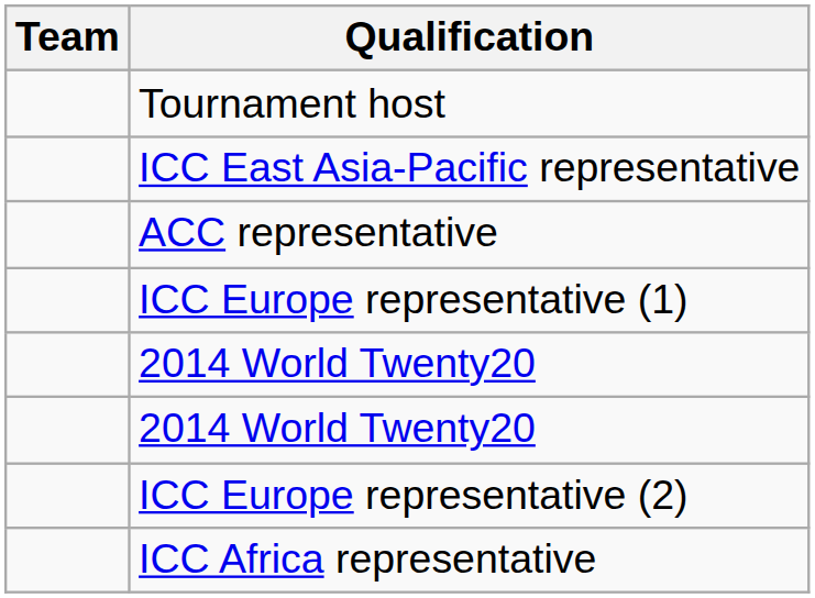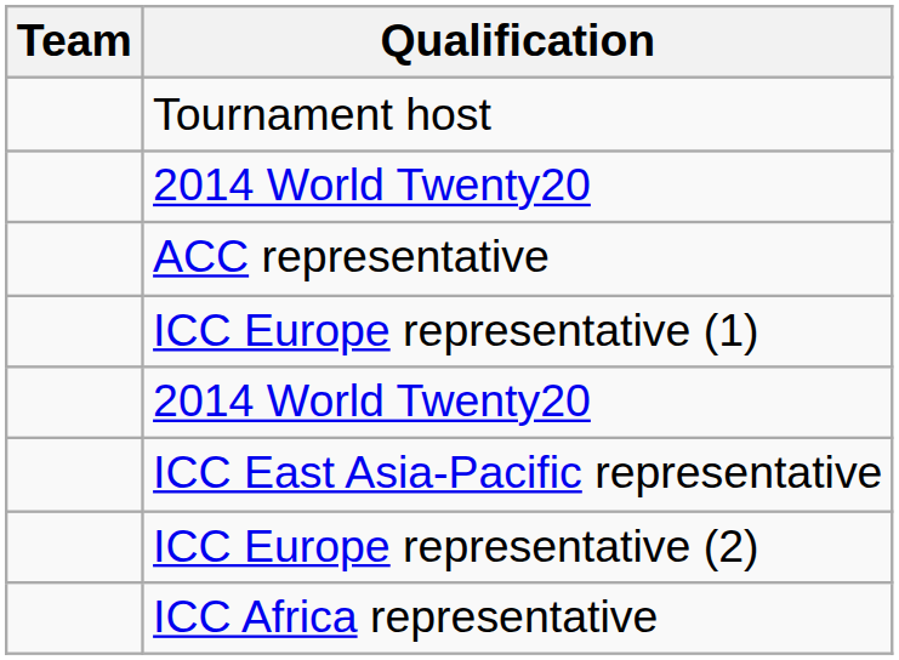 <table class="wikitable">
 <tr>
 <th>Team</th>
 <th>Qualification</th>
 </tr>
 <tr>
 <td></td>
 <td>Tournament host</td>
 </tr>
 <tr>
 <td></td>
-<td><a href='#'>ICC East Asia-Pacific</a> representative</td>
+<td><a href='#'>2014 World Twenty20</a></td>
 </tr>
 <tr>
 <td></td>
 <td><a href='#'>ACC</a> representative</td>
 </tr>
 <tr>
 <td></td>
 <td><a href='#'>ICC Europe</a> representative (1)</td>
 </tr>
 <tr>
 <td></td>
 <td><a href='#'>2014 World Twenty20</a></td>
 </tr>
 <tr>
 <td></td>
-<td><a href='#'>2014 World Twenty20</a></td>
+<td><a href='#'>ICC East Asia-Pacific</a> representative</td>
 </tr>
 <tr>
 <td></td>
 <td><a href='#'>ICC Europe</a> representative (2)</td>
 </tr>
 <tr>
 <td></td>
 <td><a href='#'>ICC Africa</a> representative</td>
 </tr>
 </table>
